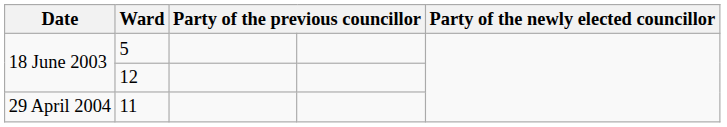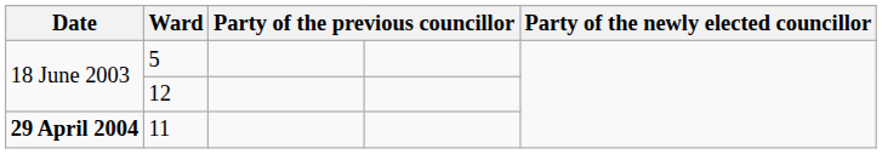 <table class="wikitable">
 <tr>
 <th>Date</th>
 <th>Ward</th>
 <th colspan=2>Party of the previous councillor</th>
 <th colspan=2>Party of the newly elected councillor</th>
 </tr>
 <tr>
 <td rowspan=2>18 June 2003</td>
 <td>5</td>
 <td></td>
 <td></td>
 </tr>
 <tr>
 <td>12</td>
 <td></td>
 <td></td>
 </tr>
 <tr>
-<td>29 April 2004</td>
+<td><strong>29 April 2004</strong></td>
 <td>11</td>
 <td></td>
 <td></td>
 </tr>
 </table>
